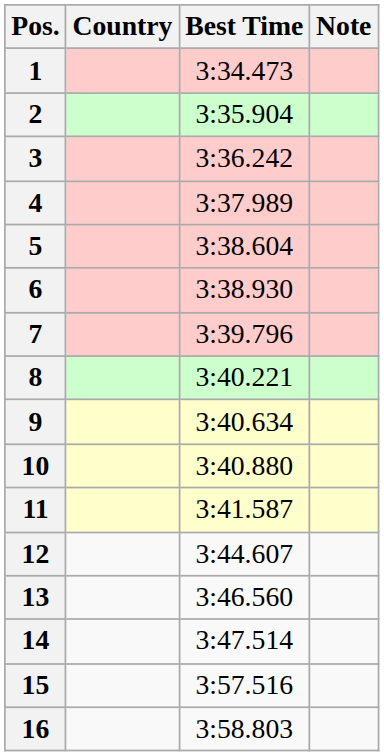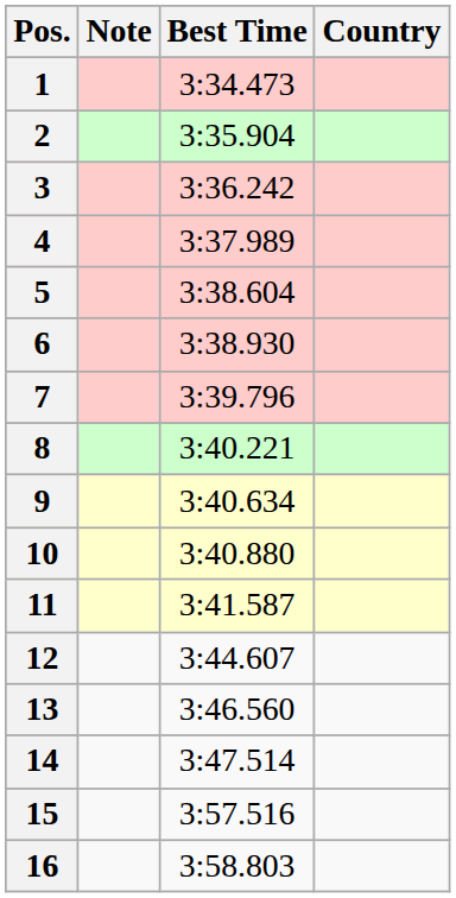 <table class="wikitable sortable plainrowheaders" style="text-align:center;">
 <tr>
 <th scope="col">Pos.</th>
+<th scope="col">Note</th>
+<th scope="col">Best Time</th>
 <th scope="col">Country</th>
-<th scope="col">Best Time</th>
-<th scope="col">Note</th>
 </tr>
 <tr bgcolor=#ffcccc>
 <th style="text - align:center; ">1</th>
+<td></td>
+<td>3:34.473</td>
 <td align="left"></td>
-<td>3:34.473</td>
-<td></td>
 </tr>
 <tr bgcolor=#ccffcc>
 <th style="text - align:center; ">2</th>
+<td></td>
+<td>3:35.904</td>
 <td align="left"></td>
-<td>3:35.904</td>
-<td></td>
 </tr>
 <tr bgcolor=#ffcccc>
 <th style="text - align:center; ">3</th>
+<td></td>
+<td>3:36.242</td>
 <td align="left"></td>
-<td>3:36.242</td>
-<td></td>
 </tr>
 <tr bgcolor=#ffcccc>
 <th style="text - align:center; ">4</th>
+<td></td>
+<td>3:37.989</td>
 <td align="left"></td>
-<td>3:37.989</td>
-<td></td>
 </tr>
 <tr bgcolor=#ffcccc>
 <th style="text - align:center; ">5</th>
+<td></td>
+<td>3:38.604</td>
 <td align="left"></td>
-<td>3:38.604</td>
-<td></td>
 </tr>
 <tr bgcolor=#ffcccc>
 <th style="text - align:center; ">6</th>
+<td></td>
+<td>3:38.930</td>
 <td align="left"></td>
-<td>3:38.930</td>
-<td></td>
 </tr>
 <tr bgcolor=#ffcccc>
 <th style="text - align:center; ">7</th>
+<td></td>
+<td>3:39.796</td>
 <td align="left"></td>
-<td>3:39.796</td>
-<td></td>
 </tr>
 <tr bgcolor=#ccffcc>
 <th style="text - align:center; ">8</th>
+<td></td>
+<td>3:40.221</td>
 <td align="left"></td>
-<td>3:40.221</td>
-<td></td>
 </tr>
 <tr bgcolor=#ffffcc>
 <th style="text - align:center; ">9</th>
+<td></td>
+<td>3:40.634</td>
 <td align="left"></td>
-<td>3:40.634</td>
-<td></td>
 </tr>
 <tr bgcolor=#ffffcc>
 <th style="text - align:center; ">10</th>
+<td></td>
+<td>3:40.880</td>
 <td align="left"></td>
-<td>3:40.880</td>
-<td></td>
 </tr>
 <tr bgcolor=#ffffcc>
 <th style="text - align:center; ">11</th>
+<td></td>
+<td>3:41.587</td>
 <td align="left"></td>
-<td>3:41.587</td>
-<td></td>
 </tr>
 <tr>
 <th style="text - align:center; ">12</th>
+<td></td>
+<td>3:44.607</td>
 <td align="left"></td>
-<td>3:44.607</td>
-<td></td>
 </tr>
 <tr>
 <th style="text - align:center; ">13</th>
+<td></td>
+<td>3:46.560</td>
 <td align="left"></td>
-<td>3:46.560</td>
-<td></td>
 </tr>
 <tr>
 <th style="text - align:center; ">14</th>
+<td></td>
+<td>3:47.514</td>
 <td align="left"></td>
-<td>3:47.514</td>
-<td></td>
 </tr>
 <tr>
 <th style="text - align:center; ">15</th>
+<td></td>
+<td>3:57.516</td>
 <td align="left"></td>
-<td>3:57.516</td>
-<td></td>
 </tr>
 <tr>
 <th style="text - align:center; ">16</th>
+<td></td>
+<td>3:58.803</td>
 <td align="left"></td>
-<td>3:58.803</td>
-<td></td>
 </tr>
 </table>
